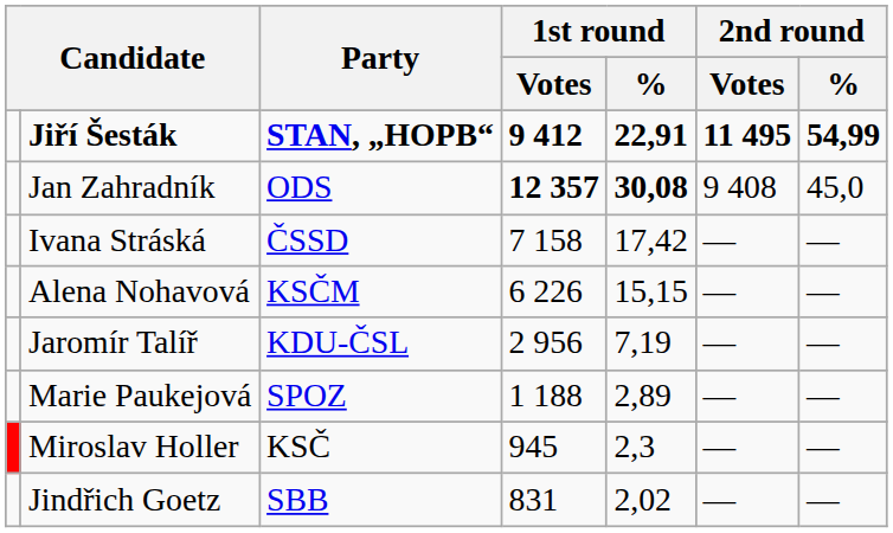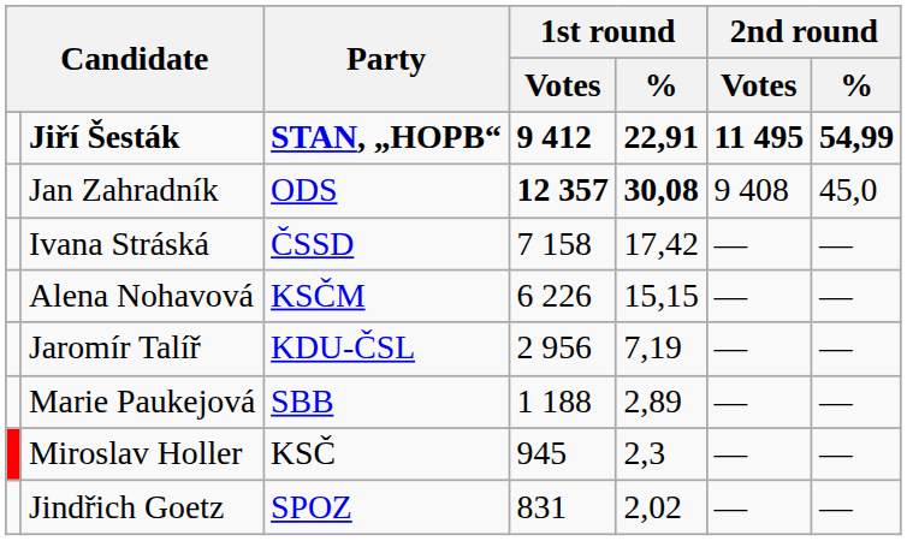 <table class="wikitable sortable">
 <tr>
 <th colspan="2" rowspan="2">Candidate</th>
 <th rowspan="2">Party</th>
 <th colspan="2">1st round</th>
 <th colspan="2">2nd round</th>
 </tr>
 <tr>
 <th>Votes</th>
 <th>%</th>
 <th>Votes</th>
 <th>%</th>
 </tr>
 <tr>
 <td style="background-color:"></td>
 <td><strong>Jiří Šesták</strong></td>
 <td><strong><a href='#'>STAN</a>, „HOPB“</strong></td>
 <td><strong>9 412</strong></td>
 <td><strong>22,91</strong></td>
 <td><strong>11 495</strong></td>
 <td><strong>54,99</strong></td>
 </tr>
 <tr>
 <td style="background-color:"></td>
 <td>Jan Zahradník</td>
 <td><a href='#'>ODS</a></td>
 <td><strong>12 357</strong></td>
 <td><strong>30,08</strong></td>
 <td>9 408</td>
 <td>45,0</td>
 </tr>
 <tr>
 <td style="background-color:"></td>
 <td>Ivana Stráská</td>
 <td><a href='#'>ČSSD</a></td>
 <td>7 158</td>
 <td>17,42</td>
 <td>—</td>
 <td>—</td>
 </tr>
 <tr>
 <td style="background-color:"></td>
 <td>Alena Nohavová</td>
 <td><a href='#'>KSČM</a></td>
 <td>6 226</td>
 <td>15,15</td>
 <td>—</td>
 <td>—</td>
 </tr>
 <tr>
 <td style="background-color:"></td>
 <td>Jaromír Talíř</td>
 <td><a href='#'>KDU-ČSL</a></td>
 <td>2 956</td>
 <td>7,19</td>
 <td>—</td>
 <td>—</td>
 </tr>
 <tr>
 <td style="background-color:"></td>
 <td>Marie Paukejová</td>
-<td><a href='#'>SPOZ</a></td>
+<td><a href='#'>SBB</a></td>
 <td>1 188</td>
 <td>2,89</td>
 <td>—</td>
 <td>—</td>
 </tr>
 <tr>
 <td style="background-color:red"></td>
 <td>Miroslav Holler</td>
 <td>KSČ</td>
 <td>945</td>
 <td>2,3</td>
 <td>—</td>
 <td>—</td>
 </tr>
 <tr>
 <td style="background-color:"></td>
 <td>Jindřich Goetz</td>
-<td><a href='#'>SBB</a></td>
+<td><a href='#'>SPOZ</a></td>
 <td>831</td>
 <td>2,02</td>
 <td>—</td>
 <td>—</td>
 </tr>
 </table>
